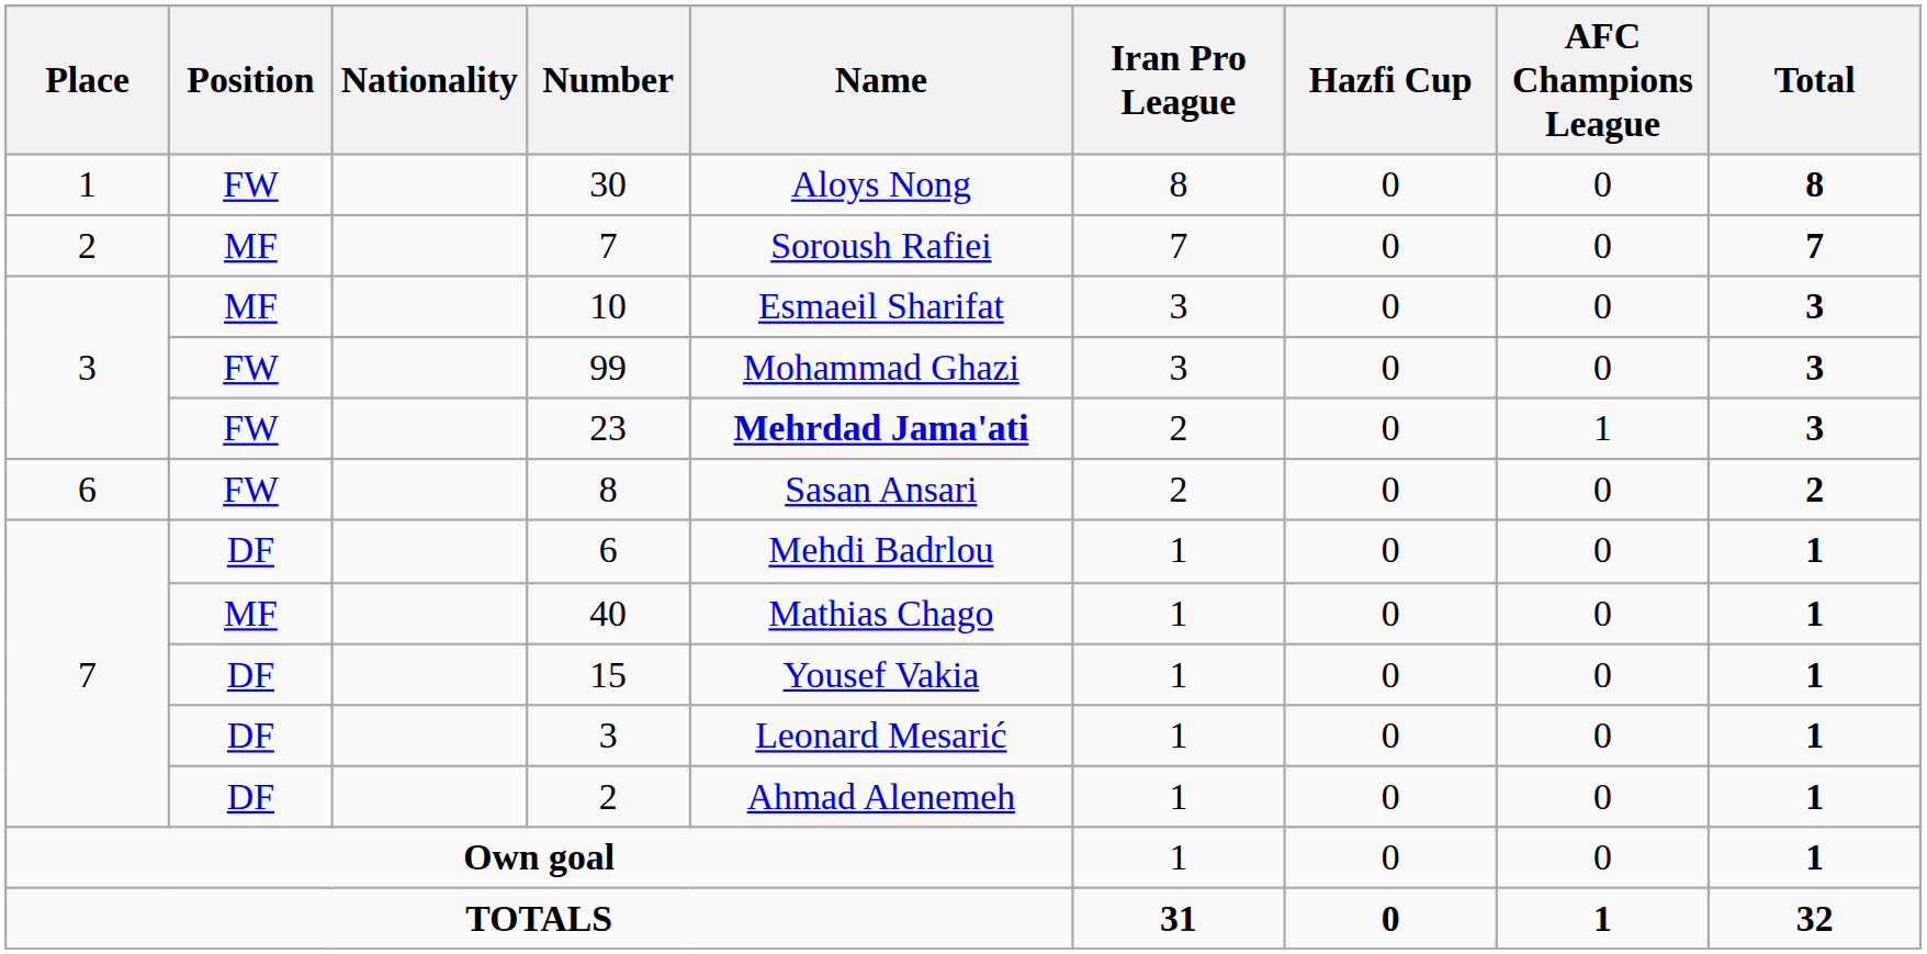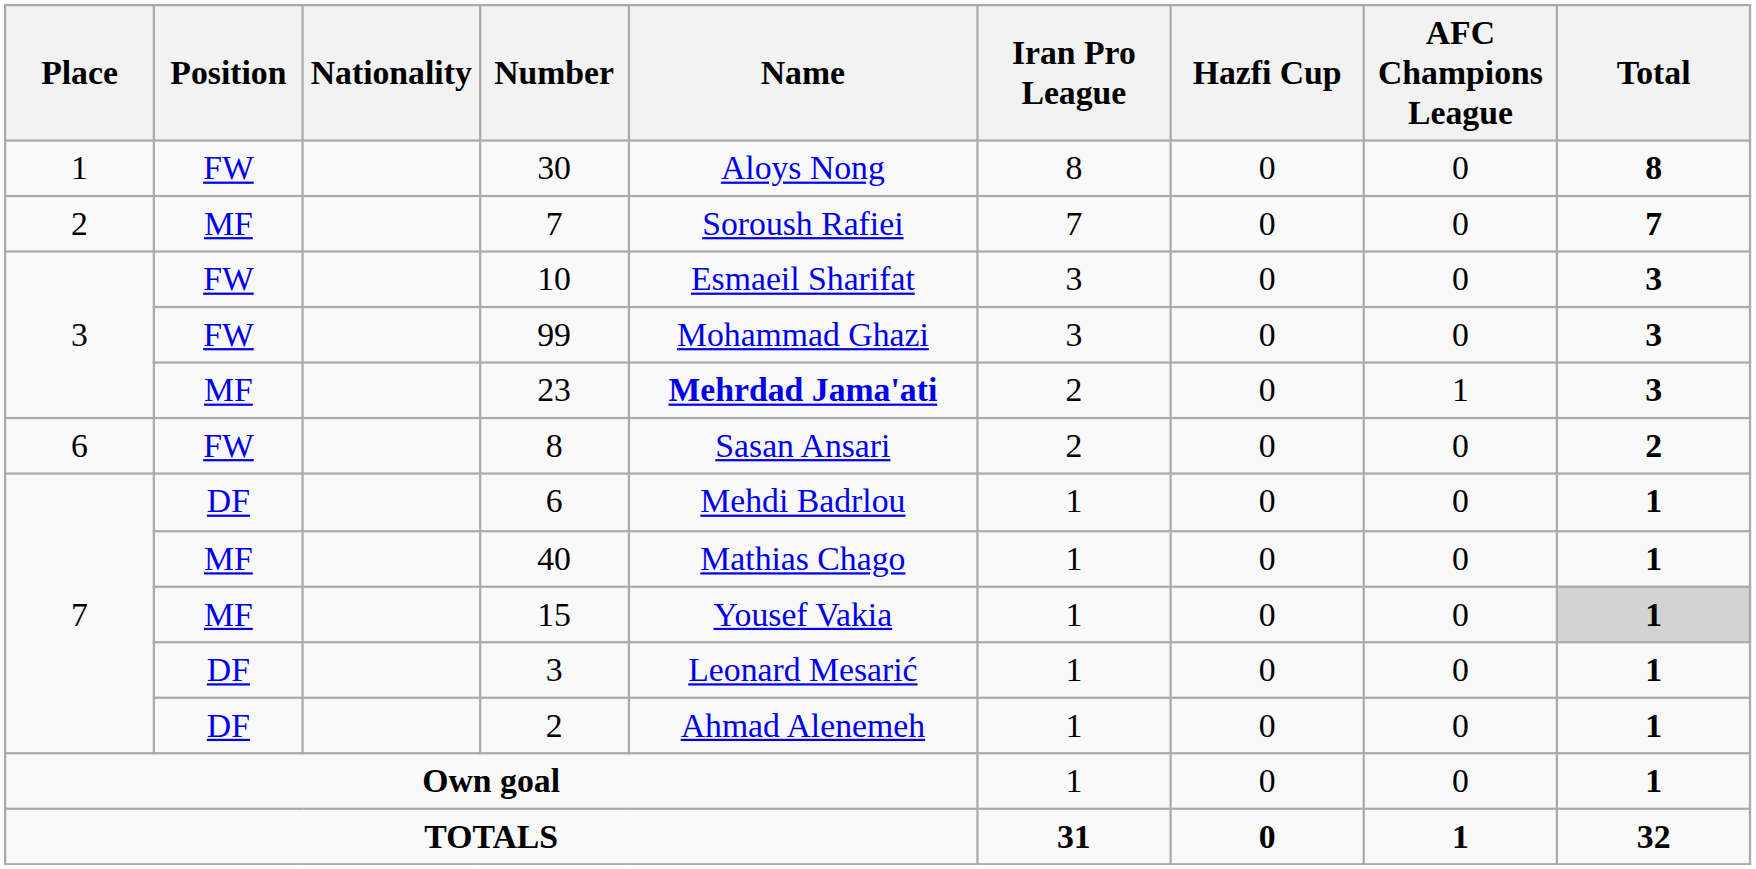 <table class="wikitable" style="font-size: 95%; text-align: center;">
 <tr>
 <th width=60>Place</th>
 <th width=60>Position</th>
 <th width=60>Nationality</th>
 <th width=60>Number</th>
 <th width=150>Name</th>
 <th width=80>Iran Pro League</th>
 <th width=80>Hazfi Cup</th>
 <th width=80>AFC Champions League</th>
 <th width=80><strong>Total</strong></th>
 </tr>
 <tr>
 <td rowspan="1">1</td>
 <td><a href='#'>FW</a></td>
 <td></td>
 <td>30</td>
 <td><a href='#'>Aloys Nong</a></td>
 <td>8</td>
 <td>0</td>
 <td>0</td>
 <td><strong>8</strong></td>
 </tr>
 <tr>
 <td rowspan="1">2</td>
 <td><a href='#'>MF</a></td>
 <td></td>
 <td>7</td>
 <td><a href='#'>Soroush Rafiei</a></td>
 <td>7</td>
 <td>0</td>
 <td>0</td>
 <td><strong>7</strong></td>
 </tr>
 <tr>
 <td rowspan="3">3</td>
-<td><a href='#'>MF</a></td>
+<td><a href='#'>FW</a></td>
 <td></td>
 <td>10</td>
 <td><a href='#'>Esmaeil Sharifat</a></td>
 <td>3</td>
 <td>0</td>
 <td>0</td>
 <td><strong>3</strong></td>
 </tr>
 <tr>
 <td><a href='#'>FW</a></td>
 <td></td>
 <td>99</td>
 <td><a href='#'>Mohammad Ghazi</a></td>
 <td>3</td>
 <td>0</td>
 <td>0</td>
 <td><strong>3</strong></td>
 </tr>
 <tr>
-<td><a href='#'>FW</a></td>
+<td><a href='#'>MF</a></td>
 <td></td>
 <td>23</td>
 <td><strong><a href='#'>Mehrdad Jama'ati</a></strong></td>
 <td>2</td>
 <td>0</td>
 <td>1</td>
 <td><strong>3</strong></td>
 </tr>
 <tr>
 <td rowspan="1">6</td>
 <td><a href='#'>FW</a></td>
 <td></td>
 <td>8</td>
 <td><a href='#'>Sasan Ansari</a></td>
 <td>2</td>
 <td>0</td>
 <td>0</td>
 <td><strong>2</strong></td>
 </tr>
 <tr>
 <td rowspan="5">7</td>
 <td><a href='#'>DF</a></td>
 <td></td>
 <td>6</td>
 <td><a href='#'>Mehdi Badrlou</a></td>
 <td>1</td>
 <td>0</td>
 <td>0</td>
 <td><strong>1</strong></td>
 </tr>
 <tr>
 <td><a href='#'>MF</a></td>
 <td></td>
 <td>40</td>
 <td><a href='#'>Mathias Chago</a></td>
 <td>1</td>
 <td>0</td>
 <td>0</td>
 <td><strong>1</strong></td>
 </tr>
 <tr>
-<td><a href='#'>DF</a></td>
+<td><a href='#'>MF</a></td>
 <td></td>
 <td>15</td>
 <td><a href='#'>Yousef Vakia</a></td>
 <td>1</td>
 <td>0</td>
 <td>0</td>
-<td><strong>1</strong></td>
+<td style="background: lightgrey;"><strong>1</strong></td>
 </tr>
 <tr>
 <td><a href='#'>DF</a></td>
 <td></td>
 <td>3</td>
 <td><a href='#'>Leonard Mesarić</a></td>
 <td>1</td>
 <td>0</td>
 <td>0</td>
 <td><strong>1</strong></td>
 </tr>
 <tr>
 <td><a href='#'>DF</a></td>
 <td></td>
 <td>2</td>
 <td><a href='#'>Ahmad Alenemeh</a></td>
 <td>1</td>
 <td>0</td>
 <td>0</td>
 <td><strong>1</strong></td>
 </tr>
 <tr>
 <td colspan="5"><strong>Own goal</strong></td>
 <td>1</td>
 <td>0</td>
 <td>0</td>
 <td><strong>1</strong></td>
 </tr>
 <tr>
 <td colspan="5"><strong>TOTALS</strong></td>
 <td><strong>31</strong></td>
 <td><strong>0</strong></td>
 <td><strong>1</strong></td>
 <td><strong>32</strong></td>
 </tr>
 </table>
